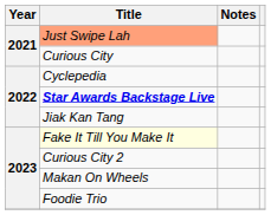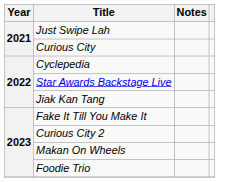 <table class="wikitable sortable plainrowheaders">
 <tr>
 <th scope="col">Year</th>
 <th scope="col">Title</th>
 <th scope="col" class="unsortable">Notes</th>
 <th scope="col" class="unsortable"></th>
 </tr>
 <tr>
 <th scope="row" rowspan="2">2021</th>
-<td style="background: lightsalmon;"><em>Just Swipe Lah</em></td>
+<td><em>Just Swipe Lah</em></td>
 <td></td>
 <td></td>
 </tr>
 <tr>
 <td><em>Curious City</em></td>
 <td></td>
 <td></td>
 </tr>
 <tr>
 <th scope="row" rowspan="3">2022</th>
 <td><em>Cyclepedia</em></td>
 <td></td>
 <td></td>
 </tr>
 <tr>
-<td><strong><em><a href='#'>Star Awards Backstage Live</a></em></strong></td>
+<td><em><a href='#'>Star Awards Backstage Live</a></em></td>
 <td></td>
 <td></td>
 </tr>
 <tr>
 <td><em>Jiak Kan Tang</em></td>
 <td></td>
 <td></td>
 </tr>
 <tr>
 <th scope="row" rowspan="4">2023</th>
-<td style="background: lightyellow;"><em>Fake It Till You Make It</em></td>
+<td><em>Fake It Till You Make It</em></td>
 <td></td>
 <td></td>
 </tr>
 <tr>
 <td><em>Curious City 2</em></td>
 <td></td>
 <td></td>
 </tr>
 <tr>
 <td><em>Makan On Wheels</em></td>
 <td></td>
 <td></td>
 </tr>
 <tr>
 <td><em>Foodie Trio</em></td>
 <td></td>
 <td></td>
 </tr>
 <tr>
 </tr>
 </table>
